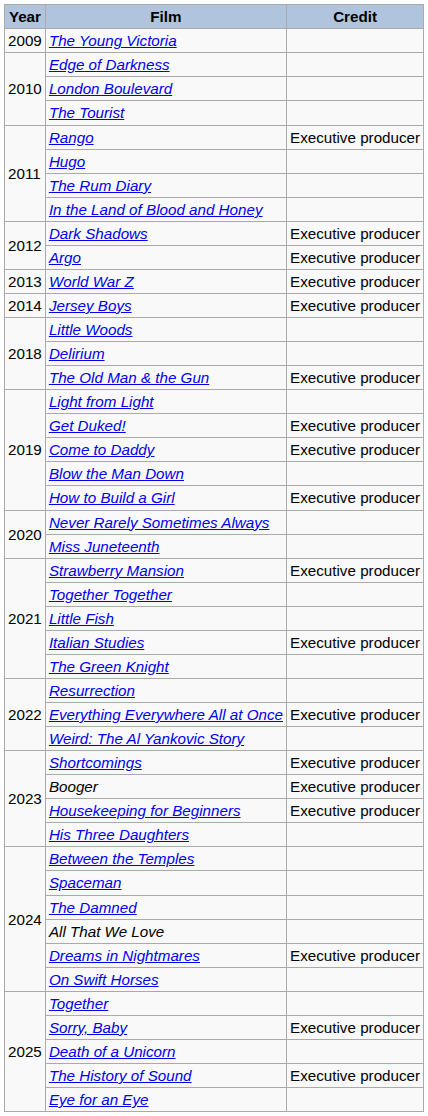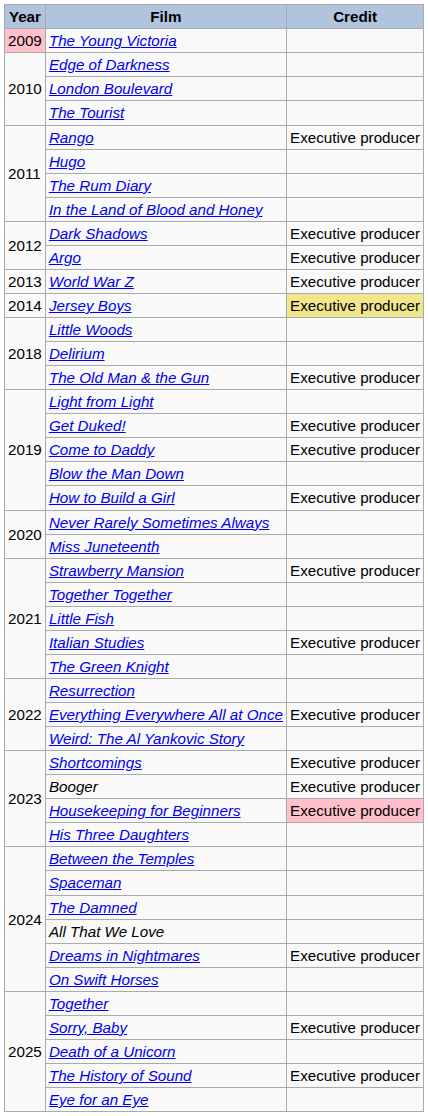 <table class="wikitable" style="font-size:95%;">
 <tr>
 <th style="background:#B0C4DE;">Year</th>
 <th style="background:#B0C4DE;">Film</th>
 <th style="background:#B0C4DE;">Credit</th>
 </tr>
 <tr>
-<td>2009</td>
+<td style="background: pink;">2009</td>
 <td><em><a href='#'>The Young Victoria</a></em></td>
 <td></td>
 </tr>
 <tr>
 <td rowspan=3>2010</td>
 <td><em><a href='#'>Edge of Darkness</a></em></td>
 <td></td>
 </tr>
 <tr>
 <td><em><a href='#'>London Boulevard</a></em></td>
 <td></td>
 </tr>
 <tr>
 <td><em><a href='#'>The Tourist</a></em></td>
 <td></td>
 </tr>
 <tr>
 <td rowspan=4>2011</td>
 <td><em><a href='#'>Rango</a></em></td>
 <td>Executive producer</td>
 </tr>
 <tr>
 <td><em><a href='#'>Hugo</a></em></td>
 <td></td>
 </tr>
 <tr>
 <td><em><a href='#'>The Rum Diary</a></em></td>
 <td></td>
 </tr>
 <tr>
 <td><em><a href='#'>In the Land of Blood and Honey</a></em></td>
 <td></td>
 </tr>
 <tr>
 <td rowspan=2>2012</td>
 <td><em><a href='#'>Dark Shadows</a></em></td>
 <td>Executive producer</td>
 </tr>
 <tr>
 <td><em><a href='#'>Argo</a></em></td>
 <td>Executive producer</td>
 </tr>
 <tr>
 <td>2013</td>
 <td><em><a href='#'>World War Z</a></em></td>
 <td>Executive producer</td>
 </tr>
 <tr>
 <td>2014</td>
 <td><em><a href='#'>Jersey Boys</a></em></td>
-<td>Executive producer</td>
+<td style="background: khaki;">Executive producer</td>
 </tr>
 <tr>
 <td rowspan=3>2018</td>
 <td><em><a href='#'>Little Woods</a></em></td>
 <td></td>
 </tr>
 <tr>
 <td><em><a href='#'>Delirium</a></em></td>
 <td></td>
 </tr>
 <tr>
 <td><em><a href='#'>The Old Man & the Gun</a></em></td>
 <td>Executive producer</td>
 </tr>
 <tr>
 <td rowspan=5>2019</td>
 <td><em><a href='#'>Light from Light</a></em></td>
 <td></td>
 </tr>
 <tr>
 <td><em><a href='#'>Get Duked!</a></em></td>
 <td>Executive producer</td>
 </tr>
 <tr>
 <td><em><a href='#'>Come to Daddy</a></em></td>
 <td>Executive producer</td>
 </tr>
 <tr>
 <td><em><a href='#'>Blow the Man Down</a></em></td>
 <td></td>
 </tr>
 <tr>
 <td><em><a href='#'>How to Build a Girl</a></em></td>
 <td>Executive producer</td>
 </tr>
 <tr>
 <td rowspan=2>2020</td>
 <td><em><a href='#'>Never Rarely Sometimes Always</a></em></td>
 <td></td>
 </tr>
 <tr>
 <td><em><a href='#'>Miss Juneteenth</a></em></td>
 <td></td>
 </tr>
 <tr>
 <td rowspan=5>2021</td>
 <td><em><a href='#'>Strawberry Mansion</a></em></td>
 <td>Executive producer</td>
 </tr>
 <tr>
 <td><em><a href='#'>Together Together</a></em></td>
 <td></td>
 </tr>
 <tr>
 <td><em><a href='#'>Little Fish</a></em></td>
 <td></td>
 </tr>
 <tr>
 <td><em><a href='#'>Italian Studies</a></em></td>
 <td>Executive producer</td>
 </tr>
 <tr>
 <td><em><a href='#'>The Green Knight</a></em></td>
 <td></td>
 </tr>
 <tr>
 <td rowspan="3">2022</td>
 <td><em><a href='#'>Resurrection</a></em></td>
 <td></td>
 </tr>
 <tr>
 <td><em><a href='#'>Everything Everywhere All at Once</a></em></td>
 <td>Executive producer</td>
 </tr>
 <tr>
 <td><em><a href='#'>Weird: The Al Yankovic Story</a></em></td>
 <td></td>
 </tr>
 <tr>
 <td rowspan="4">2023</td>
 <td><em><a href='#'>Shortcomings</a></em></td>
 <td>Executive producer</td>
 </tr>
 <tr>
 <td><em>Booger</em></td>
 <td>Executive producer</td>
 </tr>
 <tr>
 <td><em><a href='#'>Housekeeping for Beginners</a></em></td>
-<td>Executive producer</td>
+<td style="background: pink;">Executive producer</td>
 </tr>
 <tr>
 <td><em><a href='#'>His Three Daughters</a></em></td>
 <td></td>
 </tr>
 <tr>
 <td rowspan="6">2024</td>
 <td><em><a href='#'>Between the Temples</a></em></td>
 <td></td>
 </tr>
 <tr>
 <td><em><a href='#'>Spaceman</a></em></td>
 <td></td>
 </tr>
 <tr>
 <td><em><a href='#'>The Damned</a></em></td>
 <td></td>
 </tr>
 <tr>
 <td><em>All That We Love</em></td>
 <td></td>
 </tr>
 <tr>
 <td><em><a href='#'>Dreams in Nightmares</a></em></td>
 <td>Executive producer</td>
 </tr>
 <tr>
 <td><em><a href='#'>On Swift Horses</a></em></td>
 <td></td>
 </tr>
 <tr>
 <td rowspan="5">2025</td>
 <td><em><a href='#'>Together</a></em></td>
 <td></td>
 </tr>
 <tr>
 <td><em><a href='#'>Sorry, Baby</a></em></td>
 <td>Executive producer</td>
 </tr>
 <tr>
 <td><em><a href='#'>Death of a Unicorn</a></em></td>
 <td></td>
 </tr>
 <tr>
 <td><em><a href='#'>The History of Sound</a></em></td>
 <td>Executive producer</td>
 </tr>
 <tr>
 <td><em><a href='#'>Eye for an Eye</a></em></td>
 <td></td>
 </tr>
 </table>
